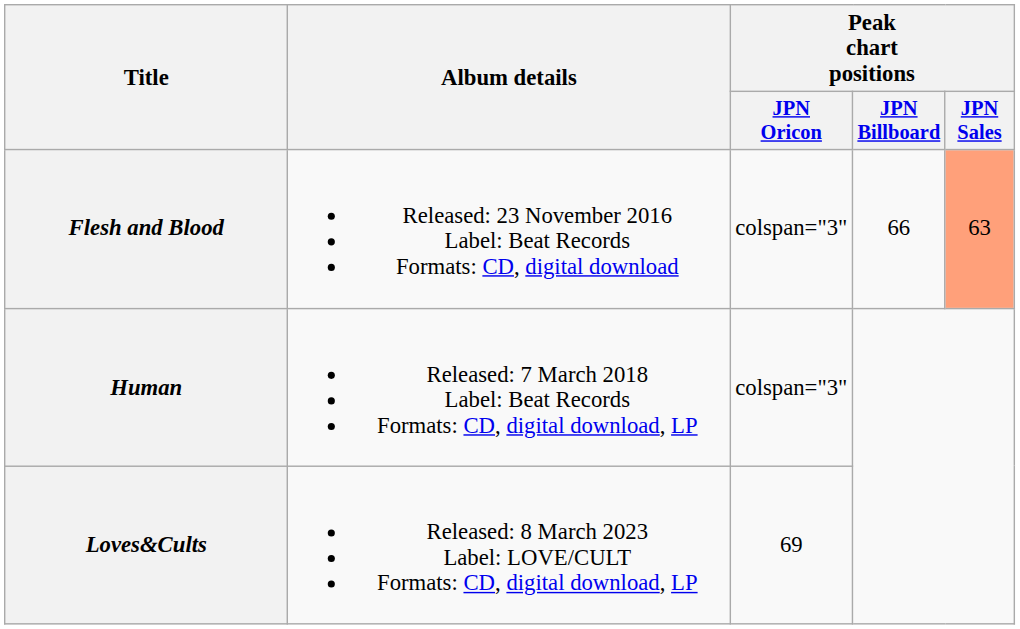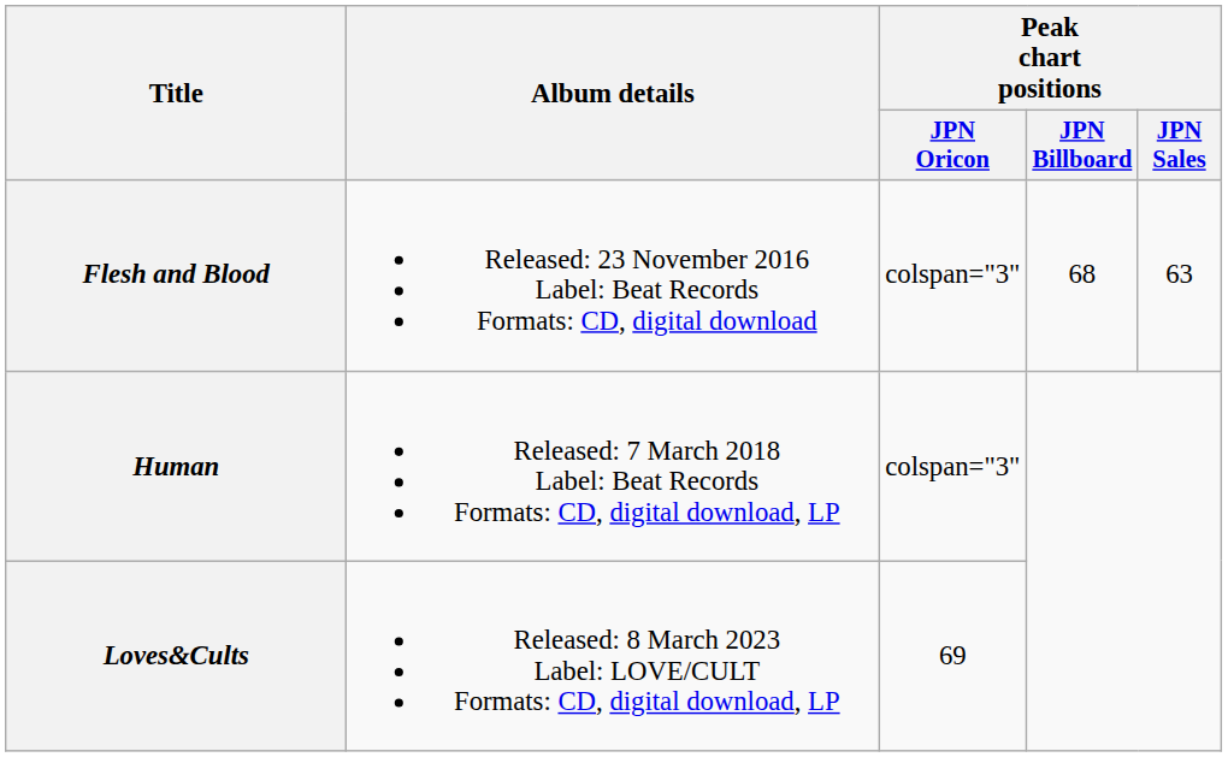 <table class="wikitable plainrowheaders" style="text-align:center;">
 <tr>
 <th scope="col" rowspan="2" style="width:12em;">Title</th>
 <th scope="col" rowspan="2" style="width:19em;">Album details</th>
 <th scope="col" colspan="3">Peak<br>chart<br>positions</th>
 </tr>
 <tr>
 <th scope="col" style="width:2.9em;font-size:90%;"><a href='#'>JPN<br>Oricon</a><br></th>
 <th scope="col" style="width:2.9em;font-size:90%;"><a href='#'>JPN<br>Billboard</a><br></th>
 <th scope="col" style="width:2.9em;font-size:90%;"><a href='#'>JPN<br>Sales</a><br></th>
 </tr>
 <tr>
 <th scope="row"><em>Flesh and Blood</em></th>
 <td><br><ul><li>Released: 23 November 2016</li><li>Label: Beat Records</li><li>Formats: <a href='#'>CD</a>, <a href='#'>digital download</a></li></ul></td>
 <td>colspan="3" </td>
-<td>66</td>
-<td style="background: lightsalmon;">63</td>
+<td>68</td>
+<td>63</td>
 </tr>
 <tr>
 <th scope="row"><em>Human</em></th>
 <td><br><ul><li>Released: 7 March 2018</li><li>Label: Beat Records</li><li>Formats: <a href='#'>CD</a>, <a href='#'>digital download</a>, <a href='#'>LP</a></li></ul></td>
 <td>colspan="3" </td>
 </tr>
 <tr>
 <th scope="row"><em>Loves&Cults</em></th>
 <td><br><ul><li>Released: 8 March 2023</li><li>Label: LOVE/CULT</li><li>Formats: <a href='#'>CD</a>, <a href='#'>digital download</a>, <a href='#'>LP</a></li></ul></td>
 <td>69</td>
 </tr>
 </table>
